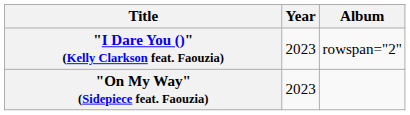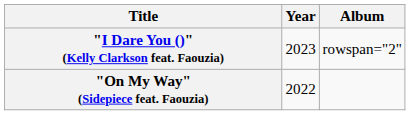 <table class="wikitable plainrowheaders" style="text-align:center;">
 <tr>
 <th scope="col" style="width:18em;">Title</th>
 <th scope="col" style="width:1em;">Year</th>
 <th scope="col">Album</th>
 </tr>
 <tr>
 <th scope="row">"<a href='#'>I Dare You ()</a>"<br><small>(<a href='#'>Kelly Clarkson</a> feat. Faouzia)</small></th>
 <td>2023</td>
 <td>rowspan="2" </td>
 </tr>
 <tr>
 <th scope="row">"On My Way"<br><small>(<a href='#'>Sidepiece</a> feat. Faouzia)</small></th>
-<td>2023</td>
+<td>2022</td>
 </tr>
 </table>
